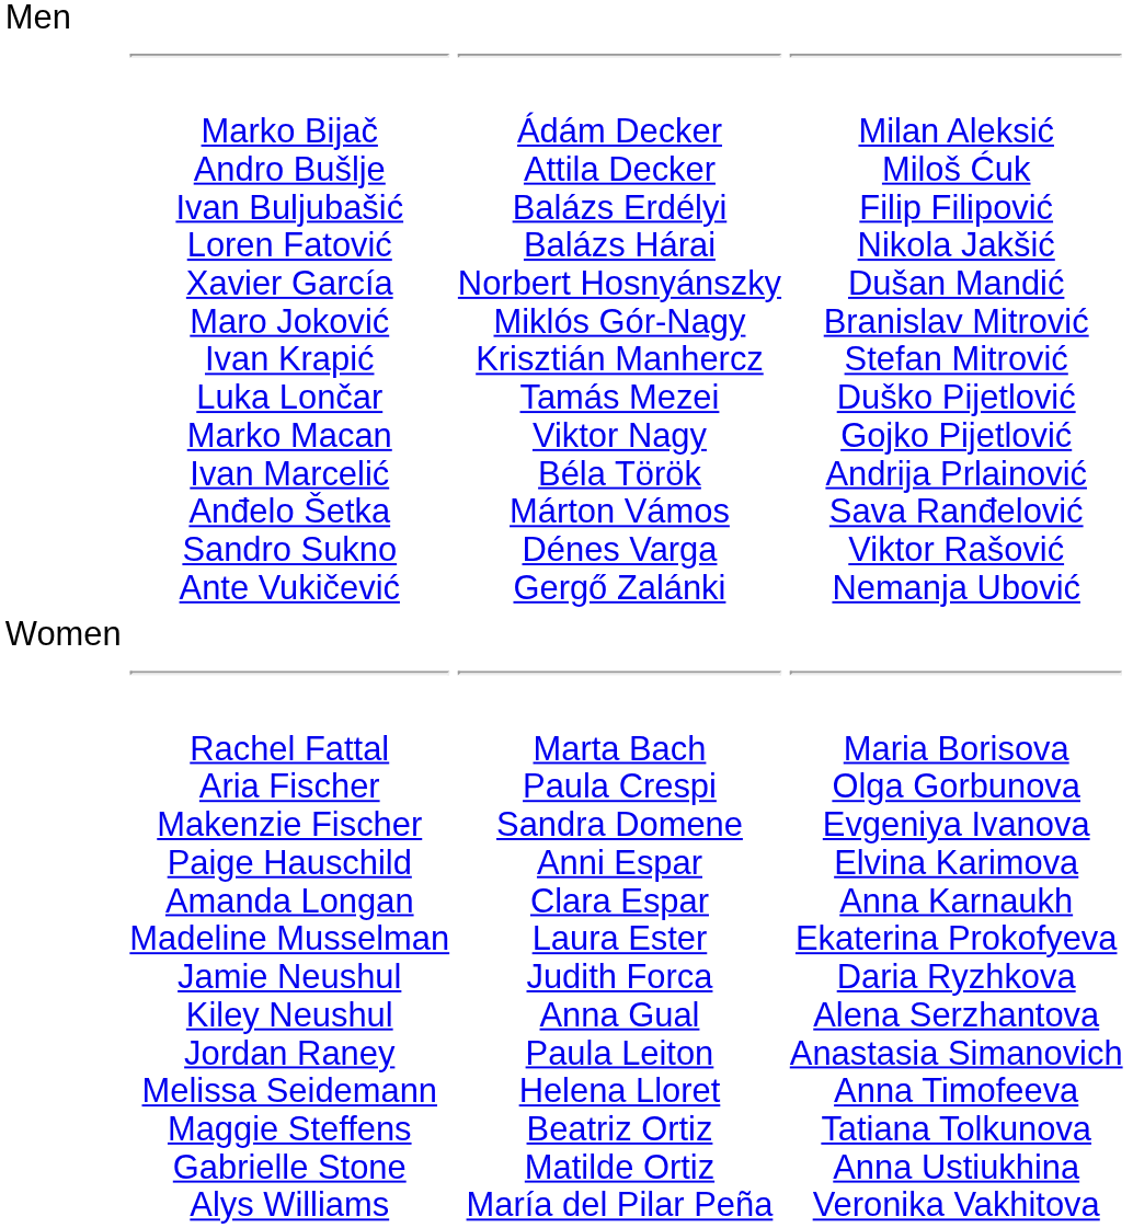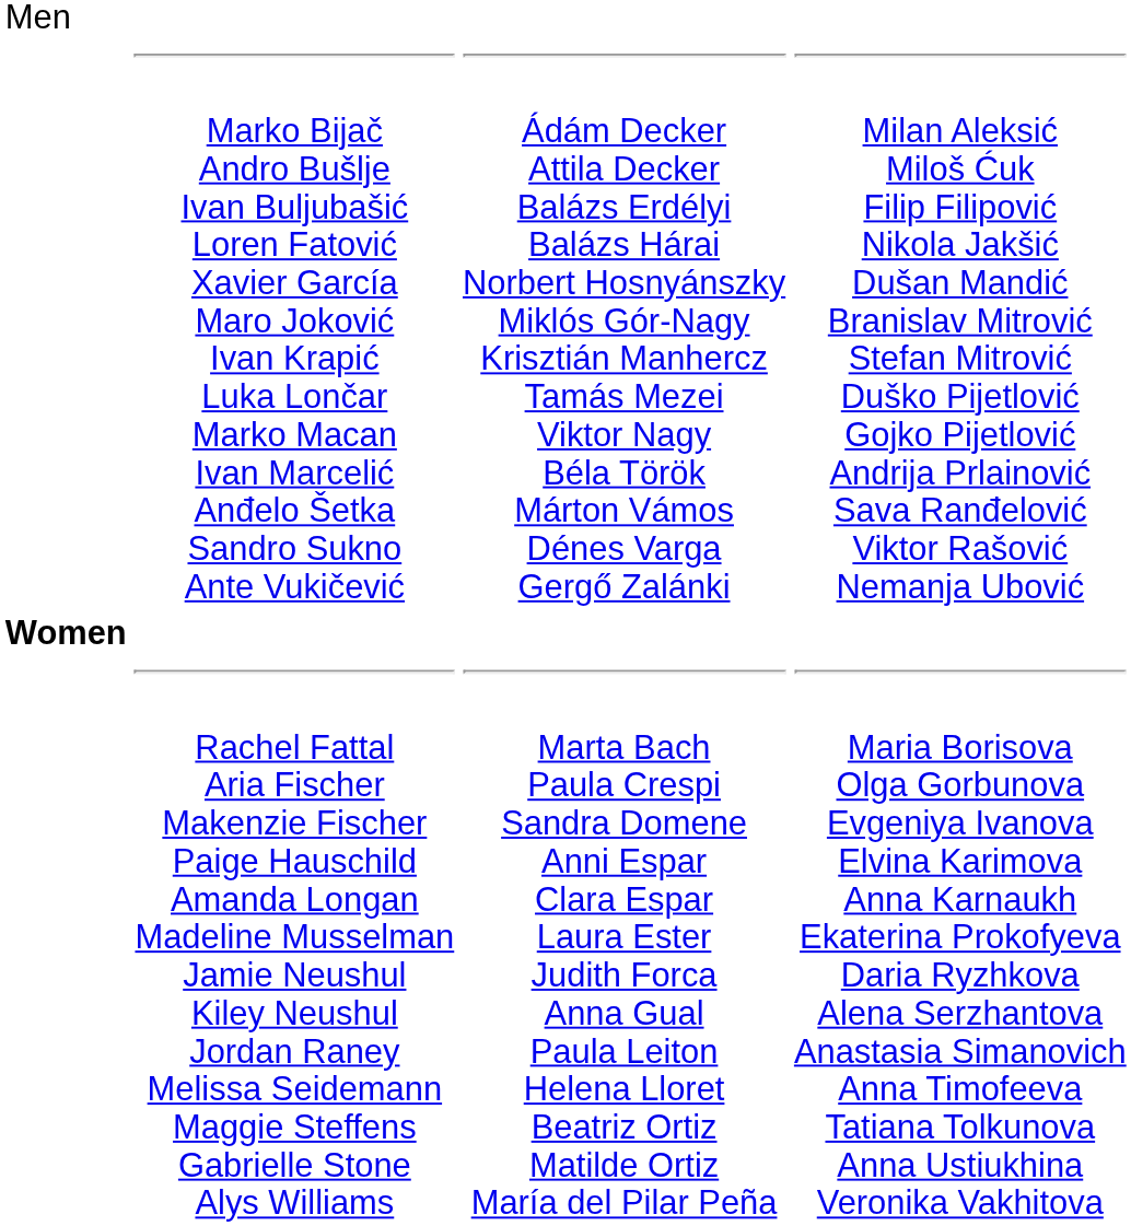 <table>
 <tr valign="top">
 <td>Men<br></td>
 <td style="text-align:center; vertical-align:top;"> <br><hr><br><a href='#'>Marko Bijač</a><br><a href='#'>Andro Bušlje</a><br><a href='#'>Ivan Buljubašić</a><br><a href='#'>Loren Fatović</a><br><a href='#'>Xavier García</a><br><a href='#'>Maro Joković</a><br><a href='#'>Ivan Krapić</a><br><a href='#'>Luka Lončar</a><br><a href='#'>Marko Macan</a><br><a href='#'>Ivan Marcelić</a><br><a href='#'>Anđelo Šetka</a><br><a href='#'>Sandro Sukno</a><br><a href='#'>Ante Vukičević</a></td>
 <td style="text-align:center; vertical-align:top;"> <br><hr><br><a href='#'>Ádám Decker</a><br><a href='#'>Attila Decker</a><br><a href='#'>Balázs Erdélyi</a><br><a href='#'>Balázs Hárai</a><br><a href='#'>Norbert Hosnyánszky</a><br><a href='#'>Miklós Gór-Nagy</a><br><a href='#'>Krisztián Manhercz</a><br><a href='#'>Tamás Mezei</a><br><a href='#'>Viktor Nagy</a><br><a href='#'>Béla Török</a><br><a href='#'>Márton Vámos</a><br><a href='#'>Dénes Varga</a><br><a href='#'>Gergő Zalánki</a></td>
 <td style="text-align:center; vertical-align:top;"> <br><hr><br><a href='#'>Milan Aleksić</a><br><a href='#'>Miloš Ćuk</a><br><a href='#'>Filip Filipović</a><br><a href='#'>Nikola Jakšić</a><br><a href='#'>Dušan Mandić</a><br><a href='#'>Branislav Mitrović</a><br><a href='#'>Stefan Mitrović</a><br><a href='#'>Duško Pijetlović</a><br><a href='#'>Gojko Pijetlović</a><br><a href='#'>Andrija Prlainović</a><br><a href='#'>Sava Ranđelović</a><br><a href='#'>Viktor Rašović</a><br><a href='#'>Nemanja Ubović</a></td>
 </tr>
 <tr valign="top">
-<td>Women<br></td>
+<td><strong>Women<br></strong></td>
 <td style="text-align:center; vertical-align:top;"><br><hr><br><a href='#'>Rachel Fattal</a><br><a href='#'>Aria Fischer</a><br><a href='#'>Makenzie Fischer</a><br><a href='#'>Paige Hauschild</a><br> <a href='#'>Amanda Longan</a><br><a href='#'>Madeline Musselman</a><br><a href='#'>Jamie Neushul</a><br><a href='#'>Kiley Neushul</a><br><a href='#'>Jordan Raney</a><br><a href='#'>Melissa Seidemann</a><br><a href='#'>Maggie Steffens</a><br><a href='#'>Gabrielle Stone</a><br><a href='#'>Alys Williams</a></td>
 <td style="text-align:center; vertical-align:top;"><br><hr><br><a href='#'>Marta Bach</a><br><a href='#'>Paula Crespi</a><br><a href='#'>Sandra Domene</a><br><a href='#'>Anni Espar</a><br><a href='#'>Clara Espar</a><br><a href='#'>Laura Ester</a><br><a href='#'>Judith Forca</a><br><a href='#'>Anna Gual</a><br><a href='#'>Paula Leiton</a><br><a href='#'>Helena Lloret</a><br><a href='#'>Beatriz Ortiz</a><br><a href='#'>Matilde Ortiz</a><br><a href='#'>María del Pilar Peña</a></td>
 <td style="text-align:center; vertical-align:top;"><br><hr><br><a href='#'>Maria Borisova</a><br><a href='#'>Olga Gorbunova</a><br><a href='#'>Evgeniya Ivanova</a><br><a href='#'>Elvina Karimova</a><br><a href='#'>Anna Karnaukh</a><br><a href='#'>Ekaterina Prokofyeva</a><br><a href='#'>Daria Ryzhkova</a><br><a href='#'>Alena Serzhantova</a><br><a href='#'>Anastasia Simanovich</a><br><a href='#'>Anna Timofeeva</a><br><a href='#'>Tatiana Tolkunova</a><br><a href='#'>Anna Ustiukhina</a><br><a href='#'>Veronika Vakhitova</a></td>
 </tr>
 </table>
